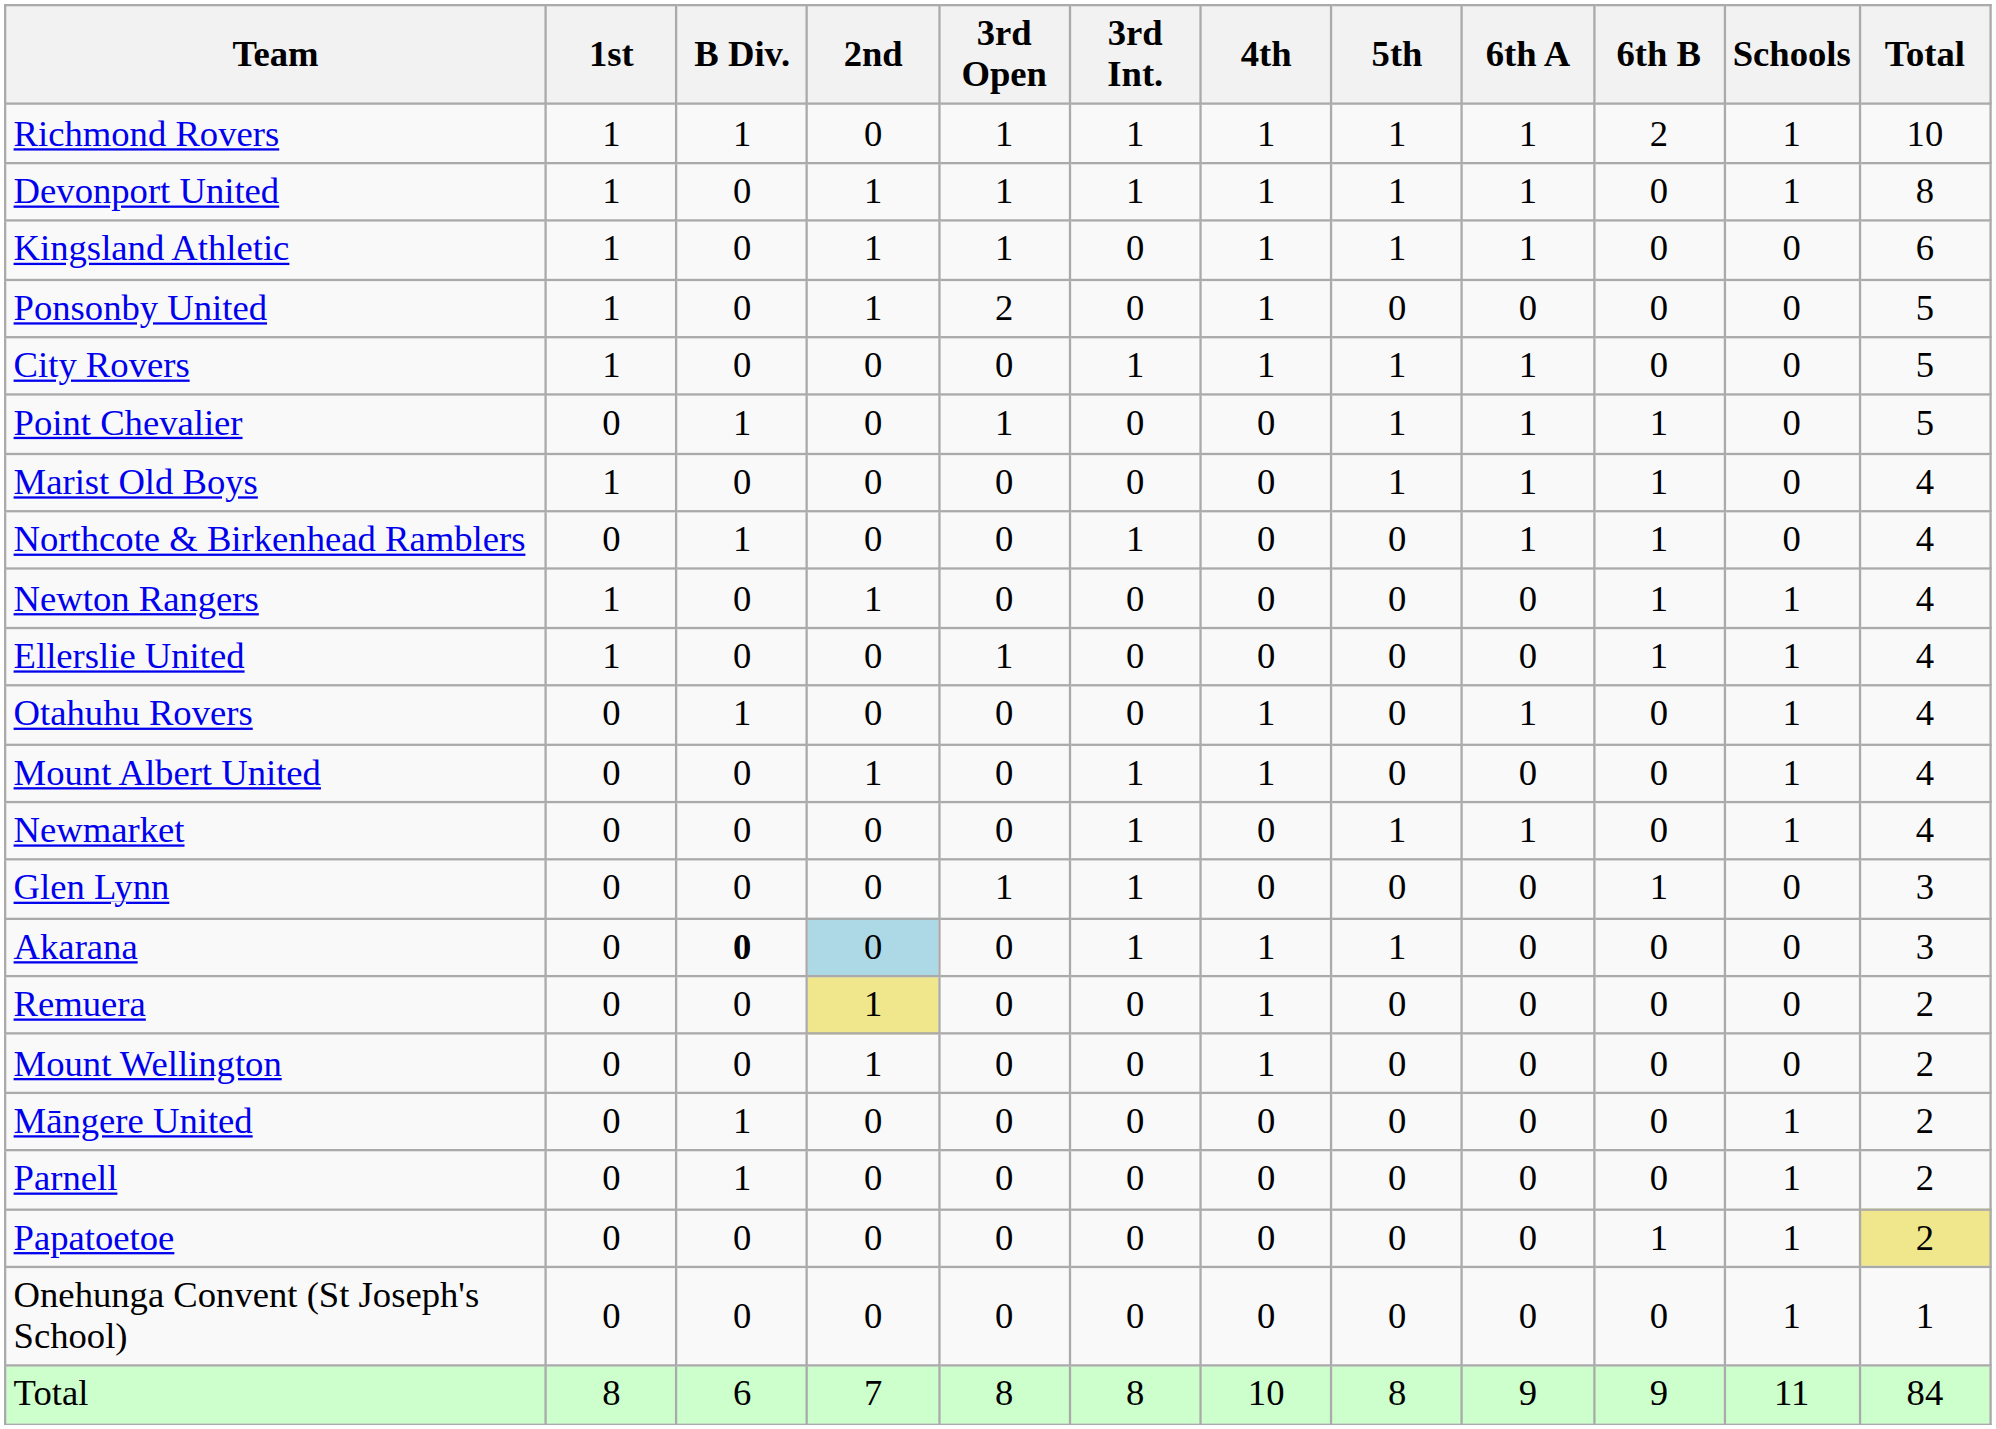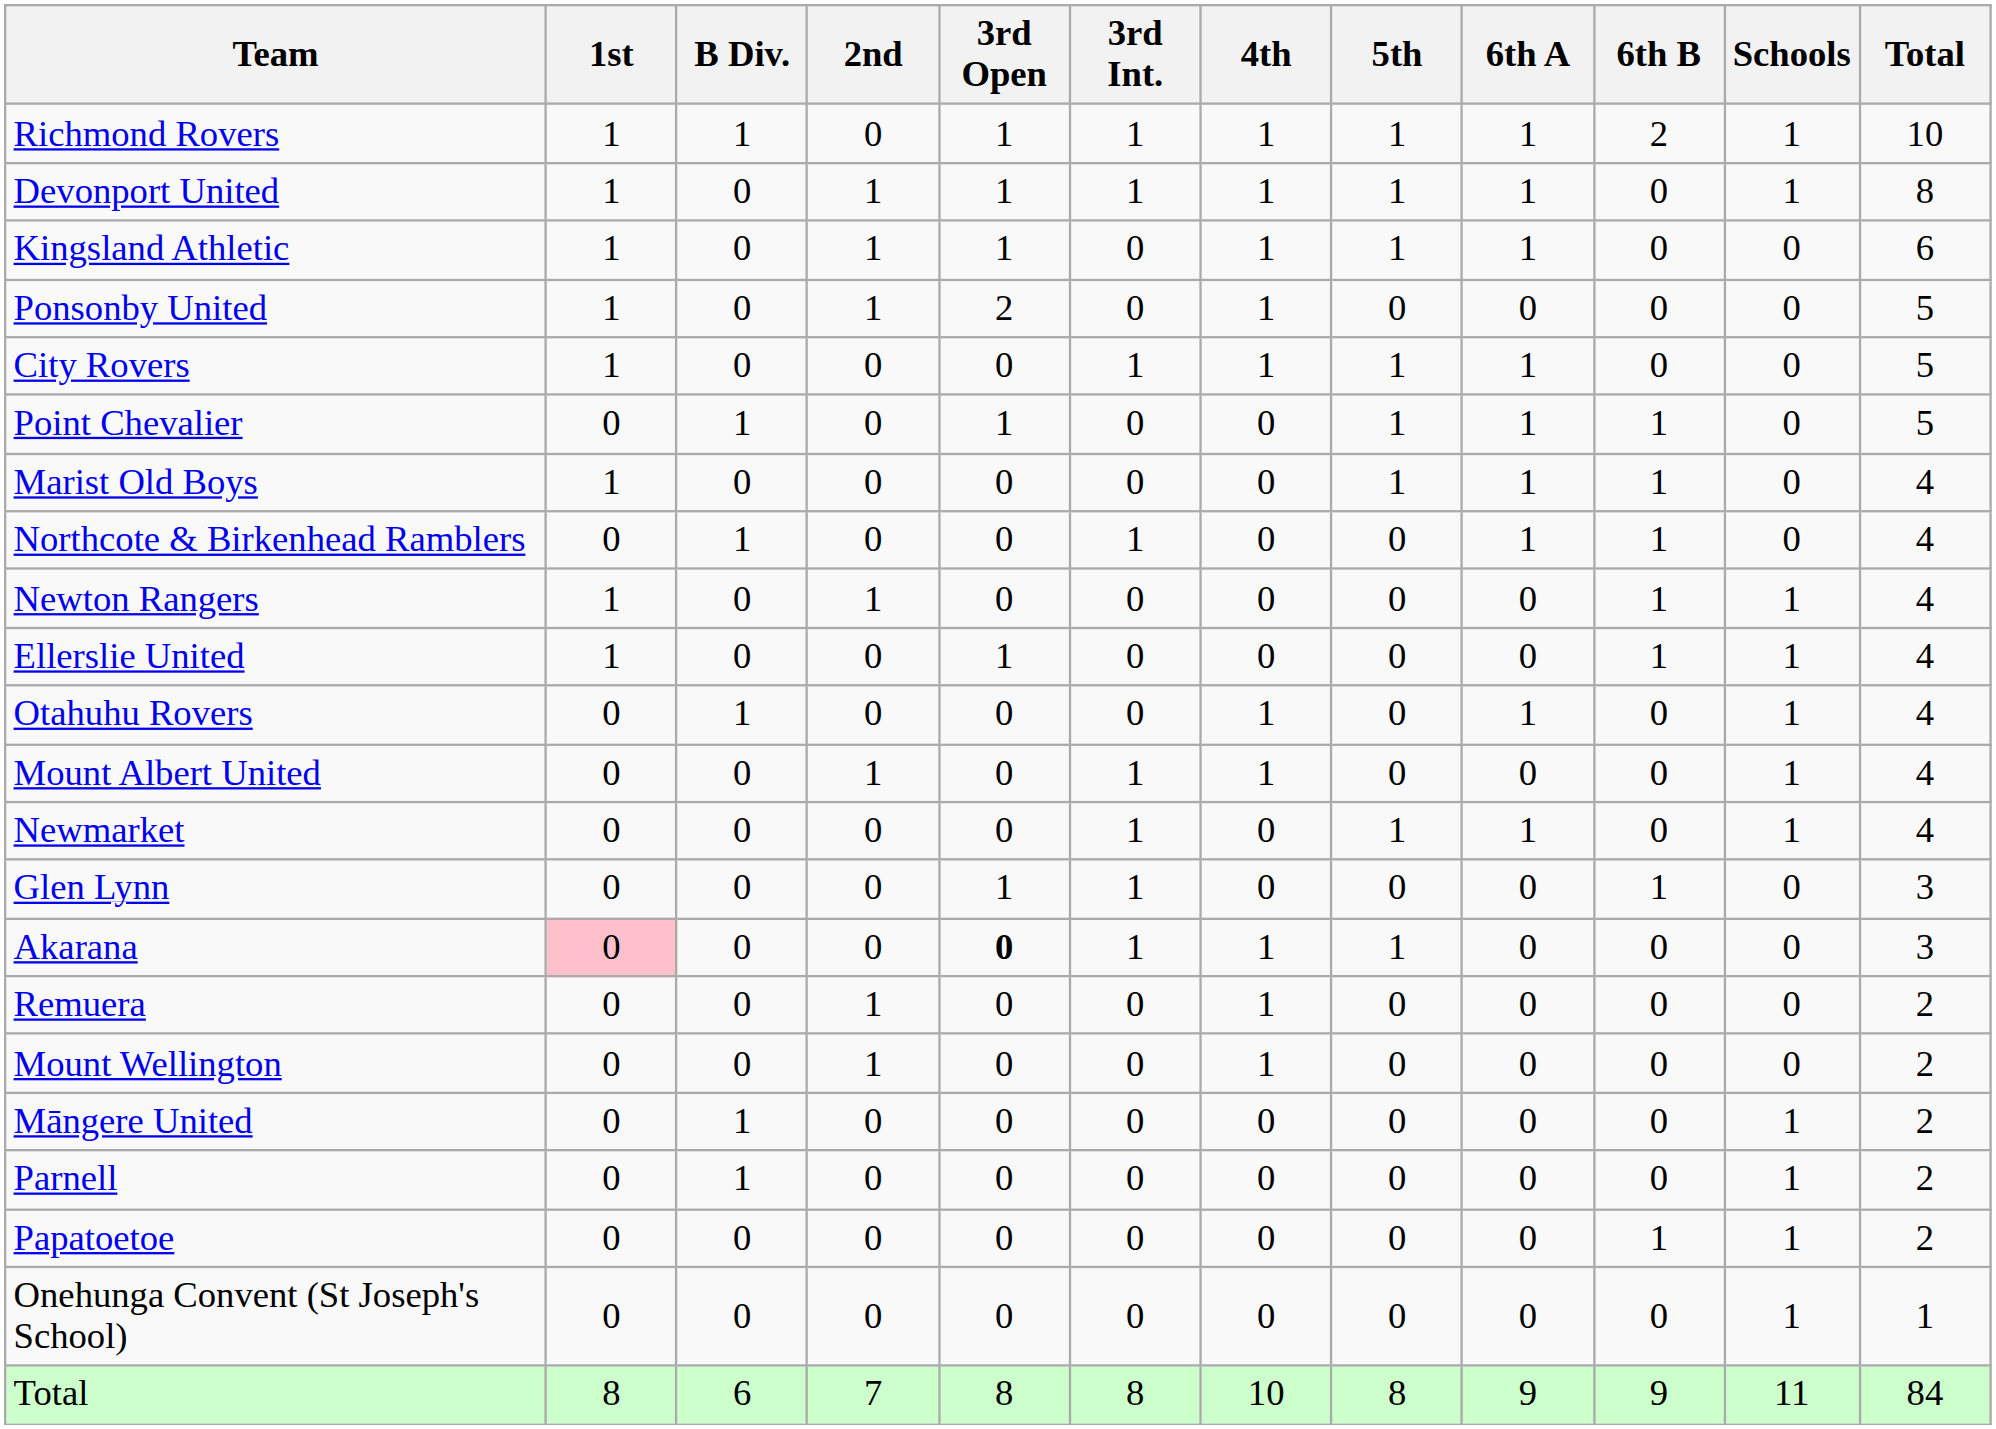 <table class="wikitable" style="text-align:center;">
 <tr>
 <th width=230>Team</th>
 <th width=50 abbr="1st Grade">1st</th>
 <th width=50 abbr="B Grade">B Div.</th>
 <th width=50 abbr="2nd Grade">2nd</th>
 <th width=50 abbr="3rd Grade">3rd Open</th>
 <th width=50 abbr="3rd Grade">3rd Int.</th>
 <th width=50 abbr="4th Grade">4th</th>
 <th width=50 abbr="5th Grade">5th</th>
 <th width=50 abbr="6th Grade">6th A</th>
 <th width=50 abbr="6th Grade">6th B</th>
 <th width=50 abbr="Schoolboys">Schools</th>
 <th width=50 abbr="Total">Total</th>
 </tr>
 <tr>
 <td style="text-align:left;"><a href='#'>Richmond Rovers</a></td>
 <td>1</td>
 <td>1</td>
 <td>0</td>
 <td>1</td>
 <td>1</td>
 <td>1</td>
 <td>1</td>
 <td>1</td>
 <td>2</td>
 <td>1</td>
 <td>10</td>
 </tr>
 <tr>
 <td style="text-align:left;"><a href='#'>Devonport United</a></td>
 <td>1</td>
 <td>0</td>
 <td>1</td>
 <td>1</td>
 <td>1</td>
 <td>1</td>
 <td>1</td>
 <td>1</td>
 <td>0</td>
 <td>1</td>
 <td>8</td>
 </tr>
 <tr>
 <td style="text-align:left;"><a href='#'>Kingsland Athletic</a></td>
 <td>1</td>
 <td>0</td>
 <td>1</td>
 <td>1</td>
 <td>0</td>
 <td>1</td>
 <td>1</td>
 <td>1</td>
 <td>0</td>
 <td>0</td>
 <td>6</td>
 </tr>
 <tr>
 <td style="text-align:left;"><a href='#'>Ponsonby United</a></td>
 <td>1</td>
 <td>0</td>
 <td>1</td>
 <td>2</td>
 <td>0</td>
 <td>1</td>
 <td>0</td>
 <td>0</td>
 <td>0</td>
 <td>0</td>
 <td>5</td>
 </tr>
 <tr>
 <td style="text-align:left;"><a href='#'>City Rovers</a></td>
 <td>1</td>
 <td>0</td>
 <td>0</td>
 <td>0</td>
 <td>1</td>
 <td>1</td>
 <td>1</td>
 <td>1</td>
 <td>0</td>
 <td>0</td>
 <td>5</td>
 </tr>
 <tr>
 <td style="text-align:left;"><a href='#'>Point Chevalier</a></td>
 <td>0</td>
 <td>1</td>
 <td>0</td>
 <td>1</td>
 <td>0</td>
 <td>0</td>
 <td>1</td>
 <td>1</td>
 <td>1</td>
 <td>0</td>
 <td>5</td>
 </tr>
 <tr>
 <td style="text-align:left;"><a href='#'>Marist Old Boys</a></td>
 <td>1</td>
 <td>0</td>
 <td>0</td>
 <td>0</td>
 <td>0</td>
 <td>0</td>
 <td>1</td>
 <td>1</td>
 <td>1</td>
 <td>0</td>
 <td>4</td>
 </tr>
 <tr>
 <td style="text-align:left;"><a href='#'>Northcote & Birkenhead Ramblers</a></td>
 <td>0</td>
 <td>1</td>
 <td>0</td>
 <td>0</td>
 <td>1</td>
 <td>0</td>
 <td>0</td>
 <td>1</td>
 <td>1</td>
 <td>0</td>
 <td>4</td>
 </tr>
 <tr>
 <td style="text-align:left;"><a href='#'>Newton Rangers</a></td>
 <td>1</td>
 <td>0</td>
 <td>1</td>
 <td>0</td>
 <td>0</td>
 <td>0</td>
 <td>0</td>
 <td>0</td>
 <td>1</td>
 <td>1</td>
 <td>4</td>
 </tr>
 <tr>
 <td style="text-align:left;"><a href='#'>Ellerslie United</a></td>
 <td>1</td>
 <td>0</td>
 <td>0</td>
 <td>1</td>
 <td>0</td>
 <td>0</td>
 <td>0</td>
 <td>0</td>
 <td>1</td>
 <td>1</td>
 <td>4</td>
 </tr>
 <tr>
 <td style="text-align:left;"><a href='#'>Otahuhu Rovers</a></td>
 <td>0</td>
 <td>1</td>
 <td>0</td>
 <td>0</td>
 <td>0</td>
 <td>1</td>
 <td>0</td>
 <td>1</td>
 <td>0</td>
 <td>1</td>
 <td>4</td>
 </tr>
 <tr>
 <td style="text-align:left;"><a href='#'>Mount Albert United</a></td>
 <td>0</td>
 <td>0</td>
 <td>1</td>
 <td>0</td>
 <td>1</td>
 <td>1</td>
 <td>0</td>
 <td>0</td>
 <td>0</td>
 <td>1</td>
 <td>4</td>
 </tr>
 <tr>
 <td style="text-align:left;"><a href='#'>Newmarket</a></td>
 <td>0</td>
 <td>0</td>
 <td>0</td>
 <td>0</td>
 <td>1</td>
 <td>0</td>
 <td>1</td>
 <td>1</td>
 <td>0</td>
 <td>1</td>
 <td>4</td>
 </tr>
 <tr>
 <td style="text-align:left;"><a href='#'>Glen Lynn</a></td>
 <td>0</td>
 <td>0</td>
 <td>0</td>
 <td>1</td>
 <td>1</td>
 <td>0</td>
 <td>0</td>
 <td>0</td>
 <td>1</td>
 <td>0</td>
 <td>3</td>
 </tr>
 <tr>
 <td style="text-align:left;"><a href='#'>Akarana</a></td>
+<td style="background: pink;">0</td>
+<td>0</td>
 <td>0</td>
 <td><strong>0</strong></td>
-<td style="background: lightblue;">0</td>
-<td>0</td>
 <td>1</td>
 <td>1</td>
 <td>1</td>
 <td>0</td>
 <td>0</td>
 <td>0</td>
 <td>3</td>
 </tr>
 <tr>
 <td style="text-align:left;"><a href='#'>Remuera</a></td>
 <td>0</td>
 <td>0</td>
-<td style="background: khaki;">1</td>
+<td>1</td>
 <td>0</td>
 <td>0</td>
 <td>1</td>
 <td>0</td>
 <td>0</td>
 <td>0</td>
 <td>0</td>
 <td>2</td>
 </tr>
 <tr>
 <td style="text-align:left;"><a href='#'>Mount Wellington</a></td>
 <td>0</td>
 <td>0</td>
 <td>1</td>
 <td>0</td>
 <td>0</td>
 <td>1</td>
 <td>0</td>
 <td>0</td>
 <td>0</td>
 <td>0</td>
 <td>2</td>
 </tr>
 <tr>
 <td style="text-align:left;"><a href='#'>Māngere United</a></td>
 <td>0</td>
 <td>1</td>
 <td>0</td>
 <td>0</td>
 <td>0</td>
 <td>0</td>
 <td>0</td>
 <td>0</td>
 <td>0</td>
 <td>1</td>
 <td>2</td>
 </tr>
 <tr>
 <td style="text-align:left;"><a href='#'>Parnell</a></td>
 <td>0</td>
 <td>1</td>
 <td>0</td>
 <td>0</td>
 <td>0</td>
 <td>0</td>
 <td>0</td>
 <td>0</td>
 <td>0</td>
 <td>1</td>
 <td>2</td>
 </tr>
 <tr>
 <td style="text-align:left;"><a href='#'>Papatoetoe</a></td>
 <td>0</td>
 <td>0</td>
 <td>0</td>
 <td>0</td>
 <td>0</td>
 <td>0</td>
 <td>0</td>
 <td>0</td>
 <td>1</td>
 <td>1</td>
-<td style="background: khaki;">2</td>
+<td>2</td>
 </tr>
 <tr>
 <td style="text-align:left;">Onehunga Convent (St Joseph's School)</td>
 <td>0</td>
 <td>0</td>
 <td>0</td>
 <td>0</td>
 <td>0</td>
 <td>0</td>
 <td>0</td>
 <td>0</td>
 <td>0</td>
 <td>1</td>
 <td>1</td>
 </tr>
 <tr style="background: #ccffcc;">
 <td style="text-align:left;">Total</td>
 <td>8</td>
 <td>6</td>
 <td>7</td>
 <td>8</td>
 <td>8</td>
 <td>10</td>
 <td>8</td>
 <td>9</td>
 <td>9</td>
 <td>11</td>
 <td>84</td>
 </tr>
 <tr>
 </tr>
 </table>
